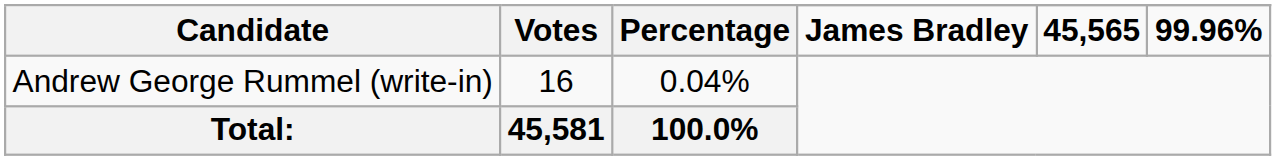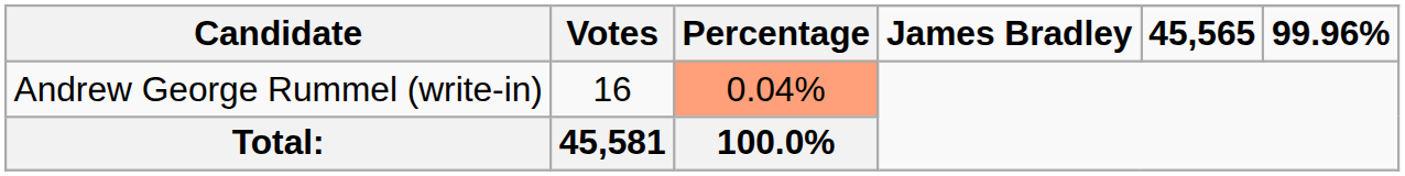 <table class="wikitable sortable tpl-blanktable" style="font-size:90%;text-align:center;">
 <tr>
 <th rowspan="2">Candidate</th>
 <th rowspan="2">Votes</th>
 <th rowspan="2">Percentage</th>
 </tr>
 <tr>
 <td style="text-align:left;"><strong>James Bradley</strong></td>
 <td><strong>45,565</strong></td>
 <td><strong>99.96%</strong></td>
 </tr>
 <tr>
 <td style="text-align:left;">Andrew George Rummel (write-in)</td>
 <td>16</td>
-<td>0.04%</td>
+<td style="background: lightsalmon;">0.04%</td>
 </tr>
 <tr style="background:#eee;">
 <th>Total:</th>
 <th>45,581</th>
 <th>100.0%</th>
 </tr>
 </table>
